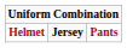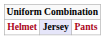 <table class="wikitable">
 <tr>
 <td align="center" Colspan="3"><strong>Uniform Combination</strong></td>
 </tr>
 <tr align="center">
 <td style="background:white; color:#AB0520"><strong>Helmet</strong></td>
-<td><strong>Jersey</strong></td>
+<td style="background: lavender;"><strong>Jersey</strong></td>
 <td style="background:white; color:#AB0520"><strong>Pants</strong></td>
 </tr>
 </table>
